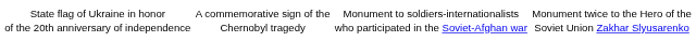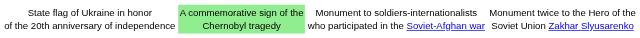 <table class="toccolours" border="0" cellpadding="2" cellspacing="2" style="margin:1em auto;">
 <tr>
 <td></td>
 <td></td>
 <td></td>
 <td></td>
 </tr>
 <tr>
 <td style="text-align: center;"><small>State flag of Ukraine in honor <br>of the 20th anniversary of independence</small></td>
-<td style="text-align: center;"><small>A commemorative sign of the<br> Chernobyl tragedy</small></td>
+<td style="background: lightgreen; text-align: center;"><small>A commemorative sign of the<br> Chernobyl tragedy</small></td>
 <td style="text-align: center;"><small>Monument to soldiers-internationalists <br>who participated in the <a href='#'>Soviet-Afghan war</a></small></td>
 <td style="text-align: center;"><small>Monument twice to the Hero of the <br>Soviet Union <a href='#'>Zakhar Slyusarenko</a></small></td>
 </tr>
 </table>
